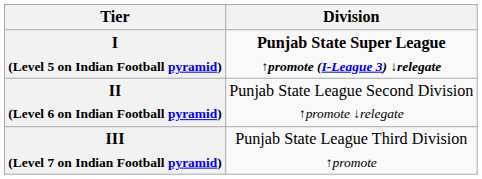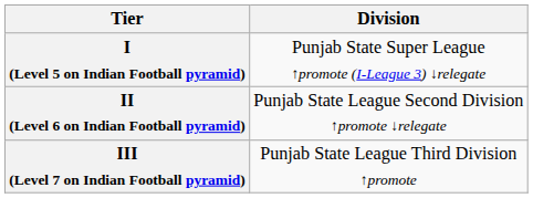 <table class="wikitable" style="text-align:center;">
 <tr>
 <th>Tier</th>
 <th>Division</th>
 </tr>
 <tr>
 <th>I<br><sub>(Level 5 on Indian Football <a href='#'>pyramid</a>)</sub></th>
-<td><strong>Punjab State Super League <br> <sub><em>↑promote (<a href='#'>I-League 3</a>) ↓relegate </em></sub></strong></td>
+<td>Punjab State Super League <br> <sub><em>↑promote (<a href='#'>I-League 3</a>) ↓relegate </em></sub></td>
 </tr>
 <tr>
 <th>II<br><sub>(Level 6 on Indian Football <a href='#'>pyramid</a>)</sub></th>
 <td>Punjab State League Second Division <br> <sub><em>↑promote ↓relegate </em></sub></td>
 </tr>
 <tr>
 <th>III<br><sub>(Level 7 on Indian Football <a href='#'>pyramid</a>)</sub></th>
 <td>Punjab State League Third Division <br> <sub><em>↑promote</em></sub></td>
 </tr>
 </table>
